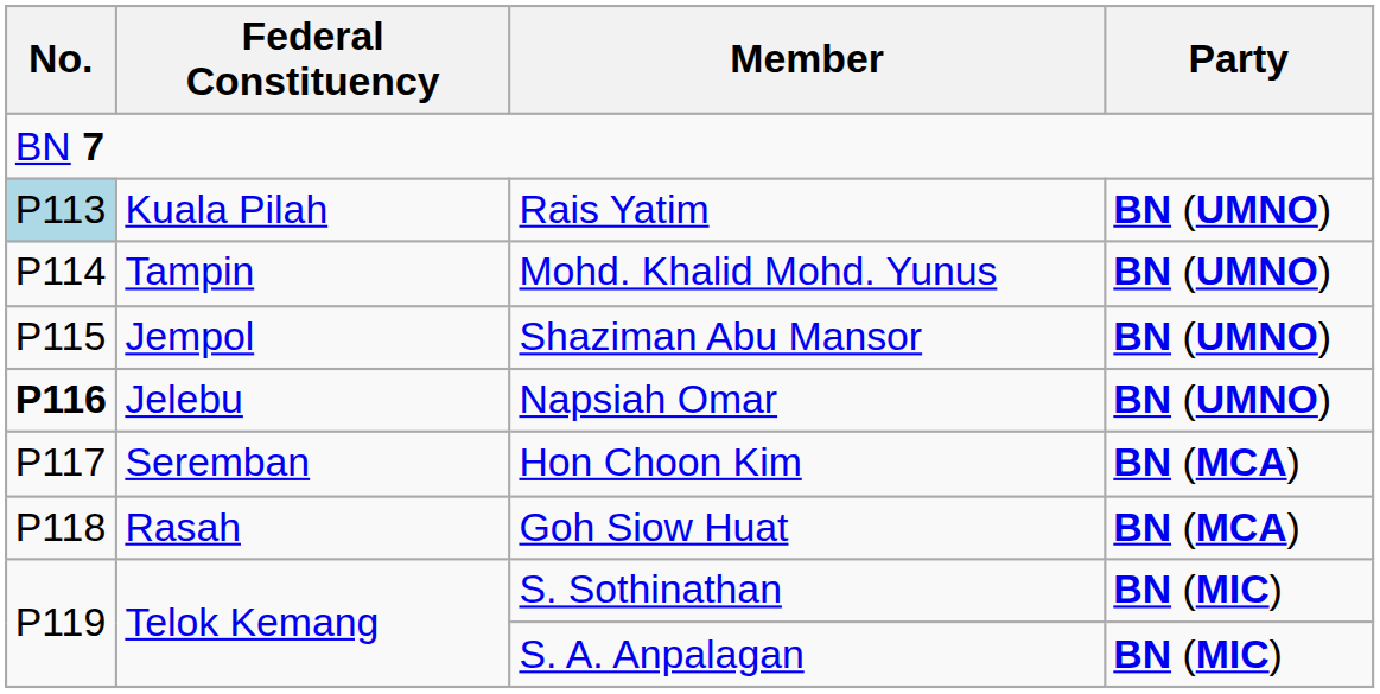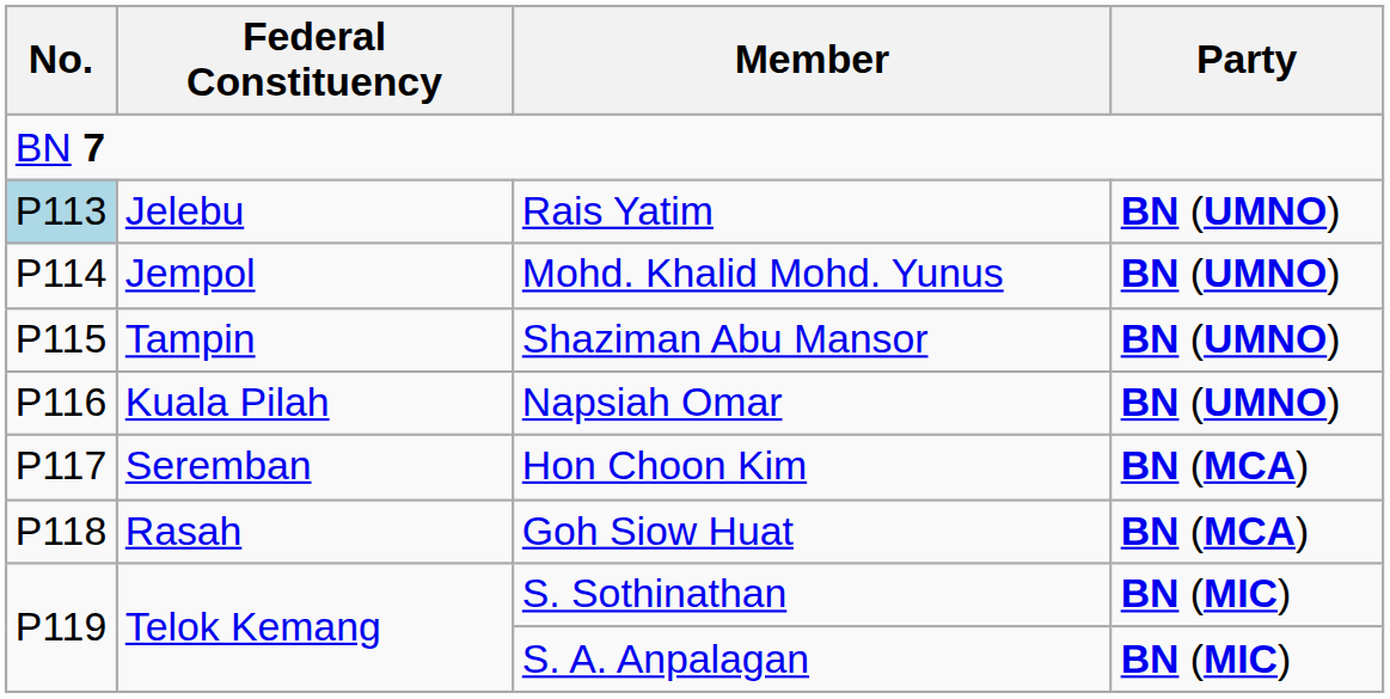 <table class="wikitable sortable">
 <tr>
 <th style="width:30px;">No.</th>
 <th style="width:150px;">Federal Constituency</th>
 <th style="width:230px;">Member</th>
 <th style="width:100px;">Party</th>
 </tr>
 <tr>
 <td colspan="4"><a href='#'>BN</a> <strong>7</strong></td>
 </tr>
 <tr>
 <td style="background: lightblue;">P113</td>
-<td><a href='#'>Kuala Pilah</a></td>
+<td><a href='#'>Jelebu</a></td>
 <td><a href='#'>Rais Yatim</a></td>
 <td><strong><a href='#'>BN</a></strong> (<strong><a href='#'>UMNO</a></strong>)</td>
 </tr>
 <tr>
 <td>P114</td>
-<td><a href='#'>Tampin</a></td>
+<td><a href='#'>Jempol</a></td>
 <td><a href='#'>Mohd. Khalid Mohd. Yunus</a></td>
 <td><strong><a href='#'>BN</a></strong> (<strong><a href='#'>UMNO</a></strong>)</td>
 </tr>
 <tr>
 <td>P115</td>
-<td><a href='#'>Jempol</a></td>
+<td><a href='#'>Tampin</a></td>
 <td><a href='#'>Shaziman Abu Mansor</a></td>
 <td><strong><a href='#'>BN</a></strong> (<strong><a href='#'>UMNO</a></strong>)</td>
 </tr>
 <tr>
-<td><strong>P116</strong></td>
-<td><a href='#'>Jelebu</a></td>
+<td>P116</td>
+<td><a href='#'>Kuala Pilah</a></td>
 <td><a href='#'>Napsiah Omar</a></td>
 <td><strong><a href='#'>BN</a></strong> (<strong><a href='#'>UMNO</a></strong>)</td>
 </tr>
 <tr>
 <td>P117</td>
 <td><a href='#'>Seremban</a></td>
 <td><a href='#'>Hon Choon Kim</a></td>
 <td><strong><a href='#'>BN</a></strong> (<strong><a href='#'>MCA</a></strong>)</td>
 </tr>
 <tr>
 <td>P118</td>
 <td><a href='#'>Rasah</a></td>
 <td><a href='#'>Goh Siow Huat</a></td>
 <td><strong><a href='#'>BN</a></strong> (<strong><a href='#'>MCA</a></strong>)</td>
 </tr>
 <tr>
 <td rowspan=2>P119</td>
 <td rowspan=2><a href='#'>Telok Kemang</a></td>
 <td><a href='#'>S. Sothinathan</a> </td>
 <td><strong><a href='#'>BN</a></strong> (<strong><a href='#'>MIC</a></strong>)</td>
 </tr>
 <tr>
 <td><a href='#'>S. A. Anpalagan</a> </td>
 <td><strong><a href='#'>BN</a></strong> (<strong><a href='#'>MIC</a></strong>)</td>
 </tr>
 </table>
